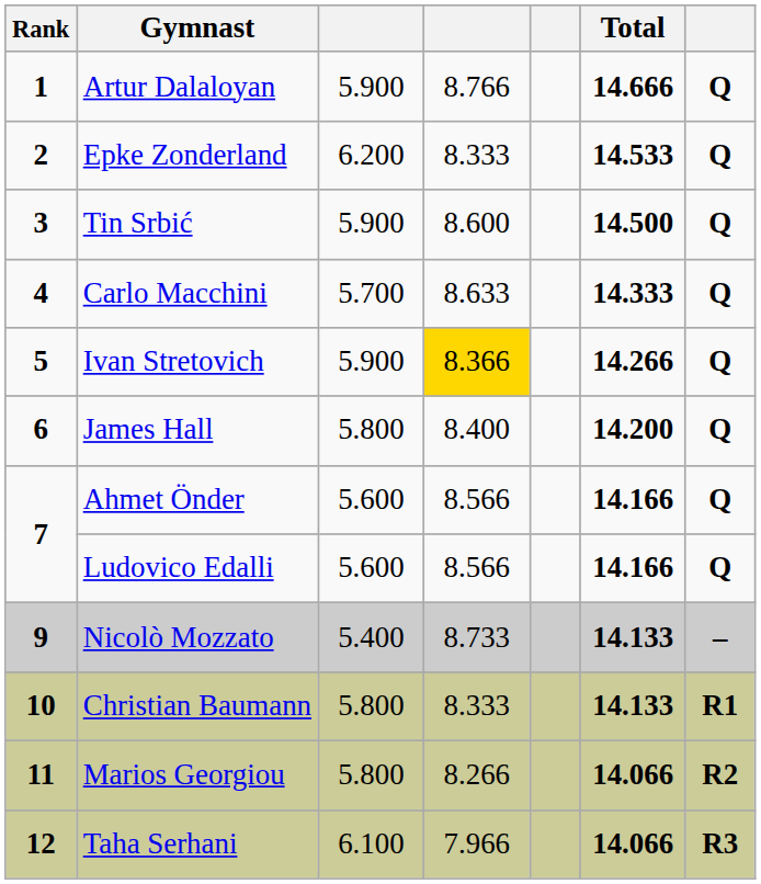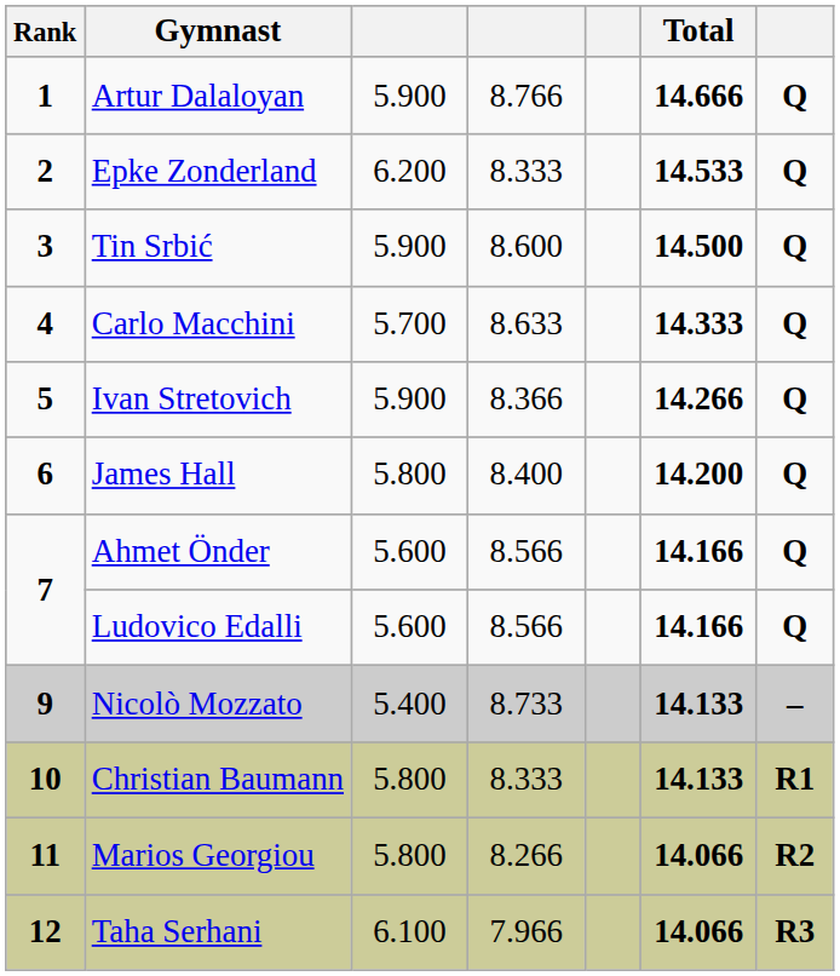 <table style="text-align:center;" class="wikitable sortable">
 <tr>
 <th scope="col" style="width:15px;"><small>Rank</small></th>
 <th scope="col" style="width:175;">Gymnast</th>
 <th scope="col" style="width:50px;"><small></small></th>
 <th scope="col" style="width:50px;"><small></small></th>
 <th scope="col" style="width:20px;"><small></small></th>
 <th scope="col" style="width:50px;">Total</th>
 <th scope="col" style="width:30px;"><small></small></th>
 </tr>
 <tr>
 <td scope="row" style="text-align:center"><strong>1</strong></td>
 <td style="height:30px; text-align:left;"> <a href='#'>Artur Dalaloyan</a></td>
 <td>5.900</td>
 <td>8.766</td>
 <td></td>
 <td><strong>14.666</strong></td>
 <td><strong>Q</strong></td>
 </tr>
 <tr>
 <td scope="row" style="text-align:center"><strong>2</strong></td>
 <td style="height:30px; text-align:left;"> <a href='#'>Epke Zonderland</a></td>
 <td>6.200</td>
 <td>8.333</td>
 <td></td>
 <td><strong>14.533</strong></td>
 <td><strong>Q</strong></td>
 </tr>
 <tr>
 <td scope="row" style="text-align:center"><strong>3</strong></td>
 <td style="height:30px; text-align:left;"> <a href='#'>Tin Srbić</a></td>
 <td>5.900</td>
 <td>8.600</td>
 <td></td>
 <td><strong>14.500</strong></td>
 <td><strong>Q</strong></td>
 </tr>
 <tr>
 <td style="text-align:center"><strong>4</strong></td>
 <td style="height:30px; text-align:left;"> <a href='#'>Carlo Macchini</a></td>
 <td>5.700</td>
 <td>8.633</td>
 <td></td>
 <td><strong>14.333</strong></td>
 <td><strong>Q</strong></td>
 </tr>
 <tr>
 <td style="text-align:center"><strong>5</strong></td>
 <td style="height:30px; text-align:left;"> <a href='#'>Ivan Stretovich</a></td>
 <td>5.900</td>
-<td style="background: gold;">8.366</td>
+<td>8.366</td>
 <td></td>
 <td><strong>14.266</strong></td>
 <td><strong>Q</strong></td>
 </tr>
 <tr>
 <td scope="row" style="text-align:center"><strong>6</strong></td>
 <td style="height:30px; text-align:left;"> <a href='#'>James Hall</a></td>
 <td>5.800</td>
 <td>8.400</td>
 <td></td>
 <td><strong>14.200</strong></td>
 <td><strong>Q</strong></td>
 </tr>
 <tr>
 <td rowspan=2 scope="row" style="text-align:center"><strong>7</strong></td>
 <td style="height:30px; text-align:left;"> <a href='#'>Ahmet Önder</a></td>
 <td>5.600</td>
 <td>8.566</td>
 <td></td>
 <td><strong>14.166</strong></td>
 <td><strong>Q</strong></td>
 </tr>
 <tr>
 <td style="height:30px; text-align:left;"> <a href='#'>Ludovico Edalli</a></td>
 <td>5.600</td>
 <td>8.566</td>
 <td></td>
 <td><strong>14.166</strong></td>
 <td><strong>Q</strong></td>
 </tr>
 <tr style="background:#cccccc;">
 <td scope="row" style="text-align:center"><strong>9</strong></td>
 <td style="height:30px; text-align:left;"> <a href='#'>Nicolò Mozzato</a></td>
 <td>5.400</td>
 <td>8.733</td>
 <td></td>
 <td><strong>14.133</strong></td>
 <td><strong>–</strong></td>
 </tr>
 <tr style="background:#cccc99;">
 <td scope="row" style="text-align:center"><strong>10</strong></td>
 <td style="height:30px; text-align:left;"> <a href='#'>Christian Baumann</a></td>
 <td>5.800</td>
 <td>8.333</td>
 <td></td>
 <td><strong>14.133</strong></td>
 <td><strong>R1</strong></td>
 </tr>
 <tr style="background:#cccc99;">
 <td scope="row" style="text-align:center"><strong>11</strong></td>
 <td style="height:30px; text-align:left;"> <a href='#'>Marios Georgiou</a></td>
 <td>5.800</td>
 <td>8.266</td>
 <td></td>
 <td><strong>14.066</strong></td>
 <td><strong>R2</strong></td>
 </tr>
 <tr style="background:#cccc99;">
 <td scope="row" style="text-align:center"><strong>12</strong></td>
 <td style="height:30px; text-align:left;"> <a href='#'>Taha Serhani</a></td>
 <td>6.100</td>
 <td>7.966</td>
 <td></td>
 <td><strong>14.066</strong></td>
 <td><strong>R3</strong></td>
 </tr>
 </table>
